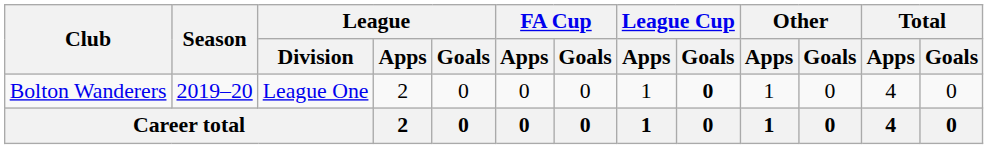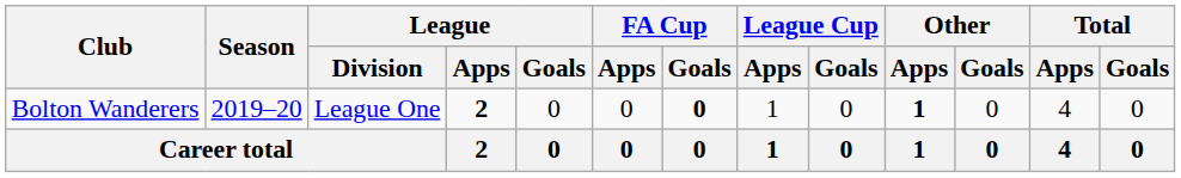 <table class=wikitable style=text-align:center>
 <tr>
 <th rowspan=2>Club</th>
 <th rowspan=2>Season</th>
 <th colspan=3>League</th>
 <th colspan=2><a href='#'>FA Cup</a></th>
 <th colspan=2><a href='#'>League Cup</a></th>
 <th colspan=2>Other</th>
 <th colspan=2>Total</th>
 </tr>
 <tr>
 <th>Division</th>
 <th>Apps</th>
 <th>Goals</th>
 <th>Apps</th>
 <th>Goals</th>
 <th>Apps</th>
 <th>Goals</th>
 <th>Apps</th>
 <th>Goals</th>
 <th>Apps</th>
 <th>Goals</th>
 </tr>
 <tr>
 <td><a href='#'>Bolton Wanderers</a></td>
 <td><a href='#'>2019–20</a></td>
 <td><a href='#'>League One</a></td>
-<td>2</td>
+<td><strong>2</strong></td>
 <td>0</td>
 <td>0</td>
-<td>0</td>
-<td>1</td>
 <td><strong>0</strong></td>
 <td>1</td>
+<td>0</td>
+<td><strong>1</strong></td>
 <td>0</td>
 <td>4</td>
 <td>0</td>
 </tr>
 <tr>
 <th colspan=3>Career total</th>
 <th>2</th>
 <th>0</th>
 <th>0</th>
 <th>0</th>
 <th>1</th>
 <th>0</th>
 <th>1</th>
 <th>0</th>
 <th>4</th>
 <th>0</th>
 </tr>
 </table>
